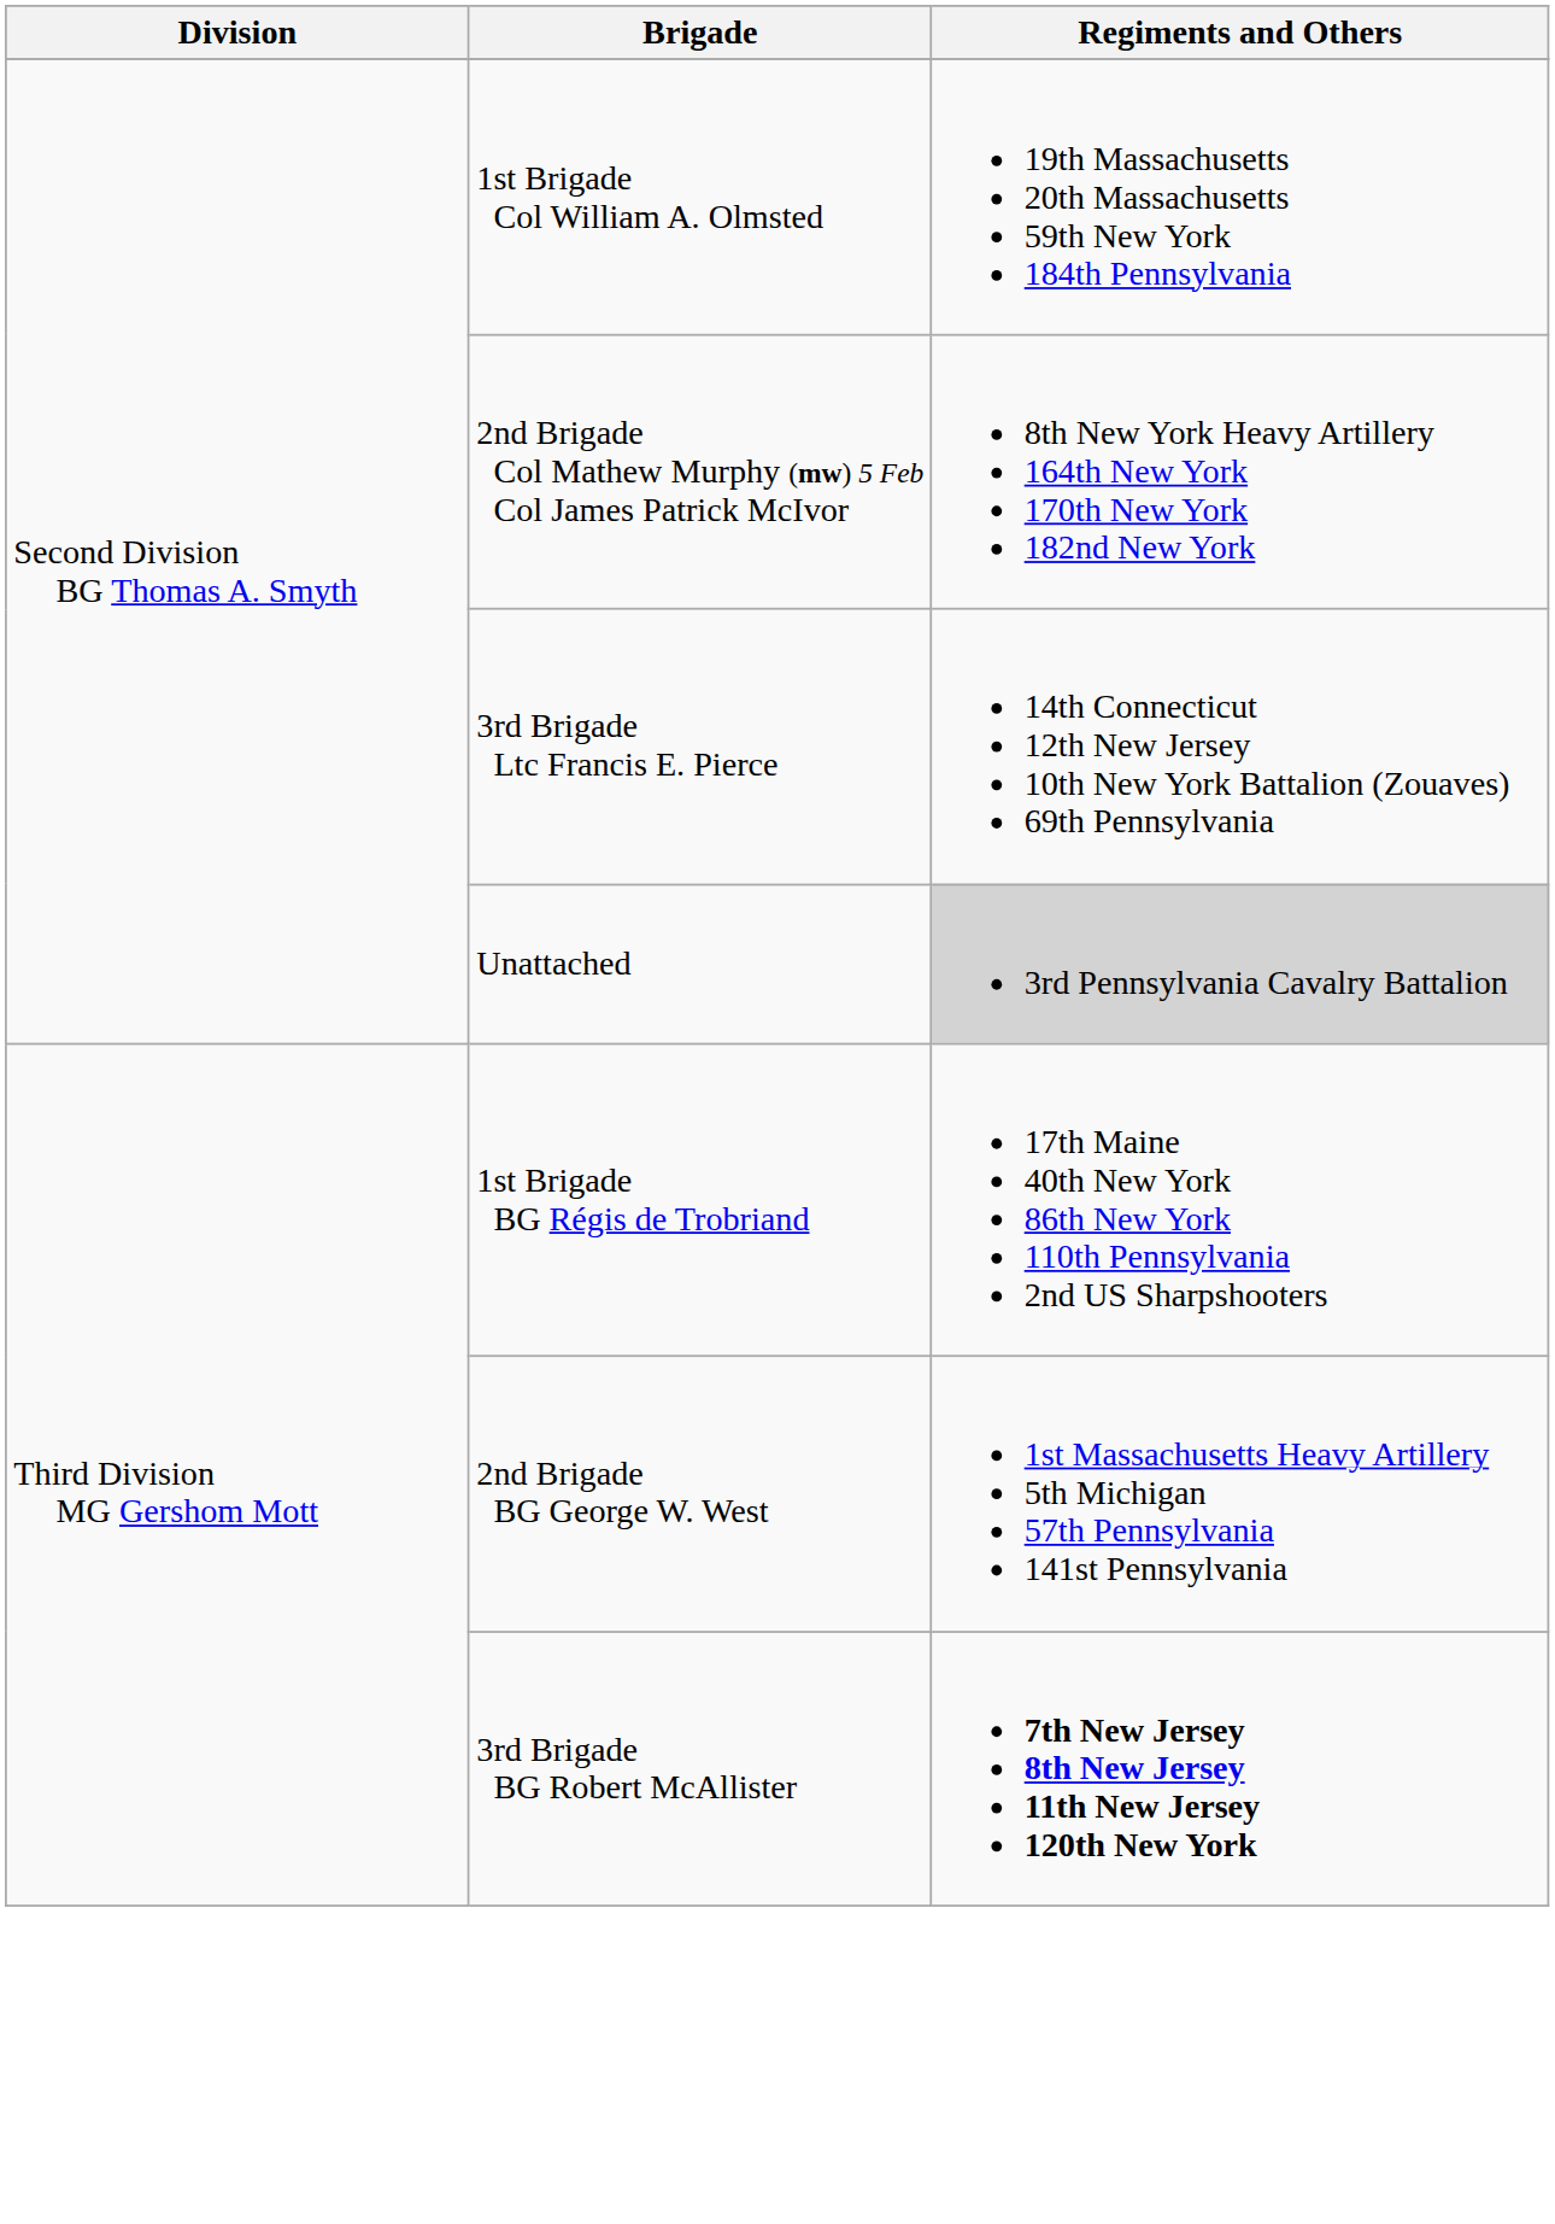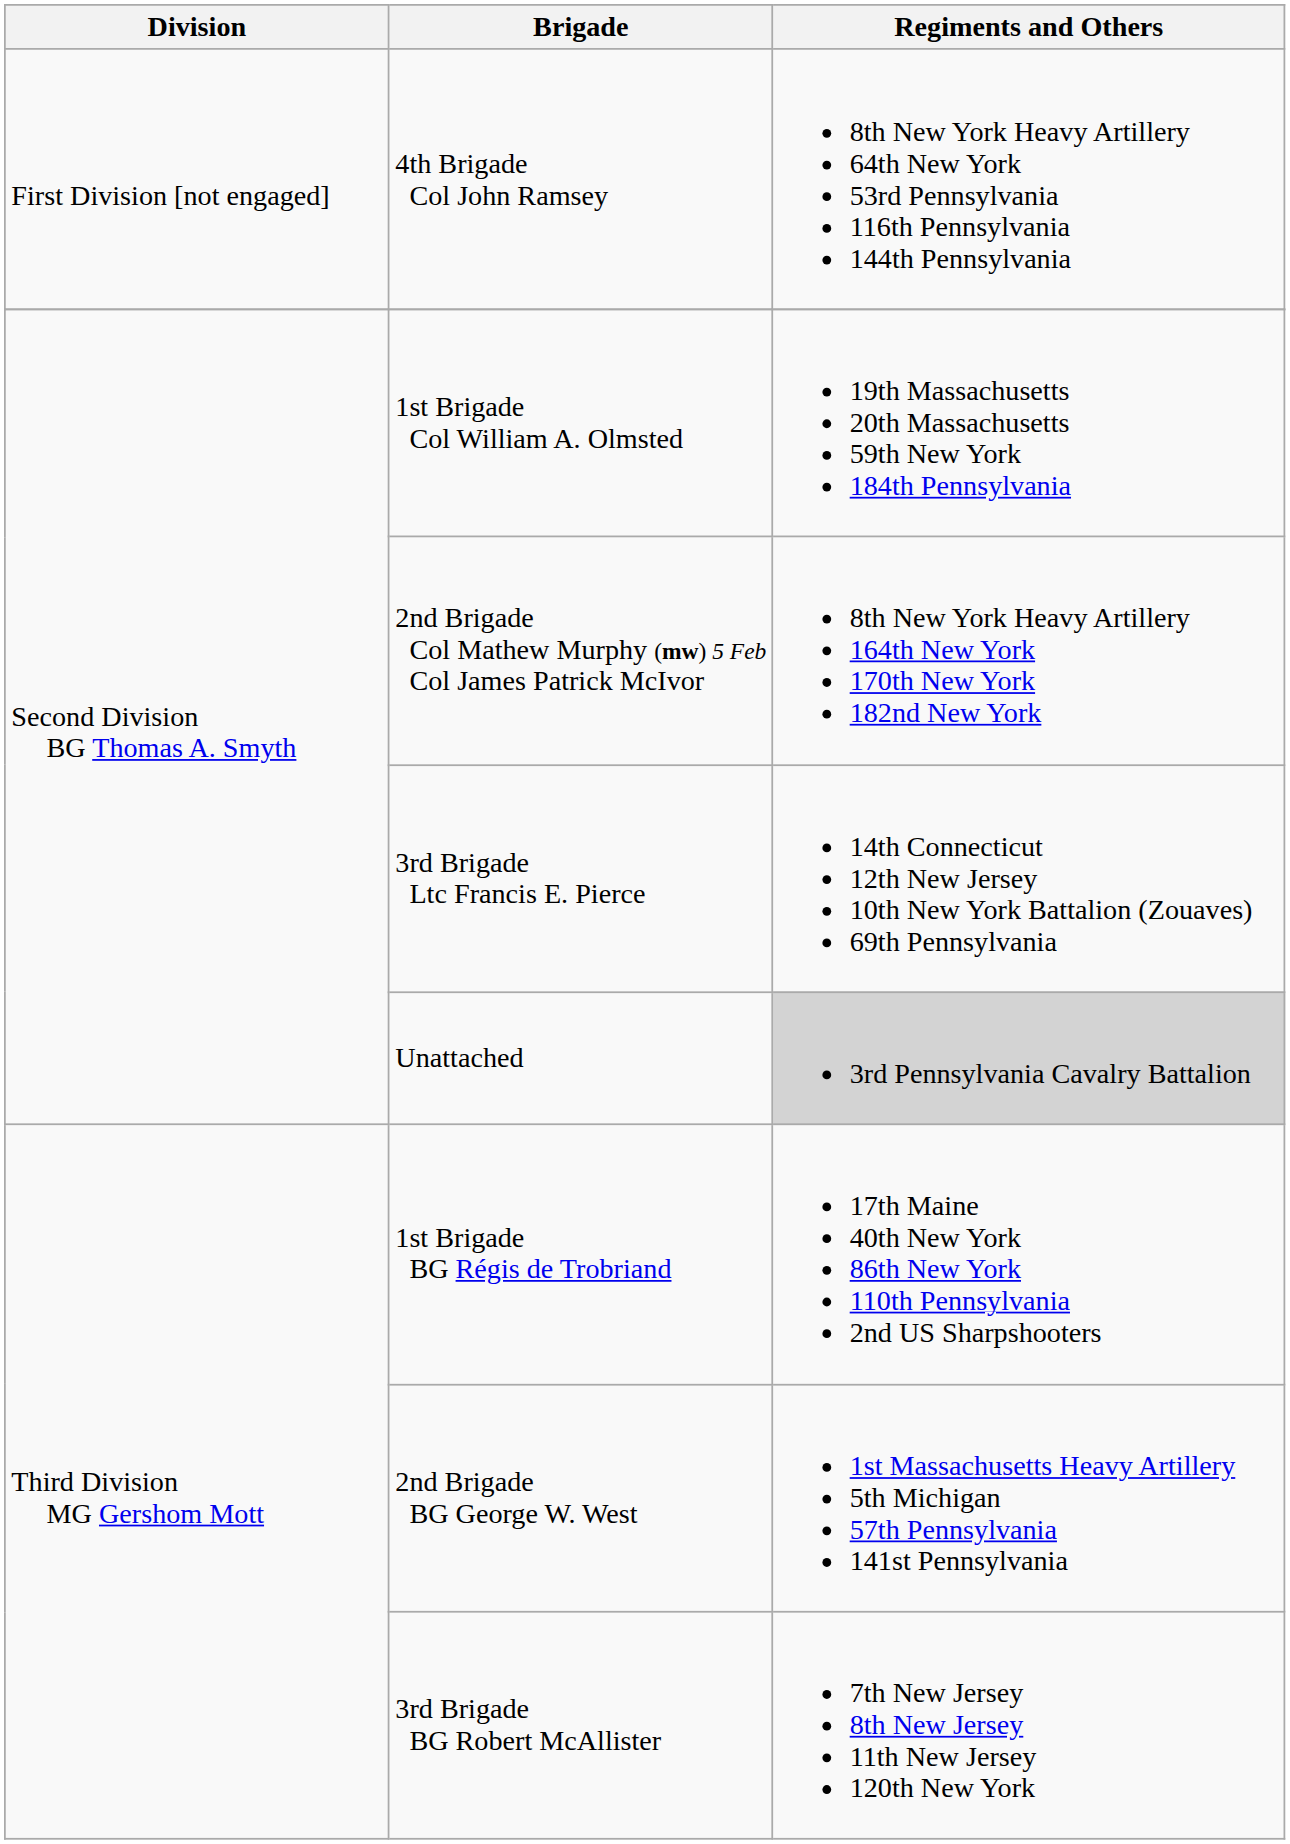 <table class="wikitable">
 <tr>
 <th width=30%>Division</th>
 <th width=30%>Brigade</th>
 <th>Regiments and Others</th>
+</tr>
+<tr>
+<td rowspan=1><br>First Division [not engaged]</td>
+<td>4th Brigade<br>  Col John Ramsey</td>
+<td><br><ul><li>8th New York Heavy Artillery</li><li>64th New York</li><li>53rd Pennsylvania</li><li>116th Pennsylvania</li><li>144th Pennsylvania</li></ul></td>
 </tr>
 <tr>
 </tr>
 <tr>
 <td rowspan=4><br>Second Division <br>     BG <a href='#'>Thomas A. Smyth</a></td>
 <td>1st Brigade<br>  Col William A. Olmsted</td>
 <td><br><ul><li>19th Massachusetts</li><li>20th Massachusetts</li><li>59th New York</li><li><a href='#'>184th Pennsylvania</a></li></ul></td>
 </tr>
 <tr>
 <td>2nd Brigade<br>  Col Mathew Murphy <small>(<strong>mw</strong>) <em>5 Feb</em></small><br>   Col James Patrick McIvor</td>
 <td><br><ul><li>8th New York Heavy Artillery</li><li><a href='#'>164th New York</a></li><li><a href='#'>170th New York</a></li><li><a href='#'>182nd New York</a></li></ul></td>
 </tr>
 <tr>
 <td>3rd Brigade<br>  Ltc Francis E. Pierce</td>
 <td><br><ul><li>14th Connecticut</li><li>12th New Jersey</li><li>10th New York Battalion (Zouaves)</li><li>69th Pennsylvania</li></ul></td>
 </tr>
 <tr>
 <td>Unattached</td>
 <td style="background: lightgrey;"><br><ul><li>3rd Pennsylvania Cavalry Battalion</li></ul></td>
 </tr>
 <tr>
 <td rowspan=3><br>Third Division <br>     MG <a href='#'>Gershom Mott</a></td>
 <td>1st Brigade<br>  BG <a href='#'>Régis de Trobriand</a></td>
 <td><br><ul><li>17th Maine</li><li>40th New York</li><li><a href='#'>86th New York</a></li><li><a href='#'>110th Pennsylvania</a></li><li>2nd US Sharpshooters</li></ul></td>
 </tr>
 <tr>
 <td>2nd Brigade<br>  BG George W. West</td>
 <td><br><ul><li><a href='#'>1st Massachusetts Heavy Artillery</a></li><li>5th Michigan</li><li><a href='#'>57th Pennsylvania</a></li><li>141st Pennsylvania</li></ul></td>
 </tr>
 <tr>
 <td>3rd Brigade<br>  BG Robert McAllister</td>
-<td><strong><br><ul><li>7th New Jersey</li><li><a href='#'>8th New Jersey</a></li><li>11th New Jersey</li><li>120th New York</li></ul></strong></td>
+<td><br><ul><li>7th New Jersey</li><li><a href='#'>8th New Jersey</a></li><li>11th New Jersey</li><li>120th New York</li></ul></td>
 </tr>
 </table>
